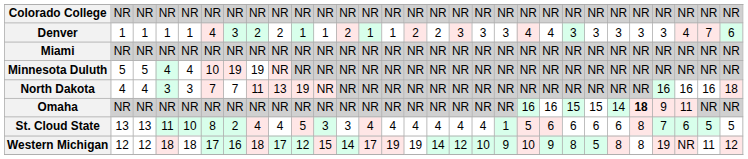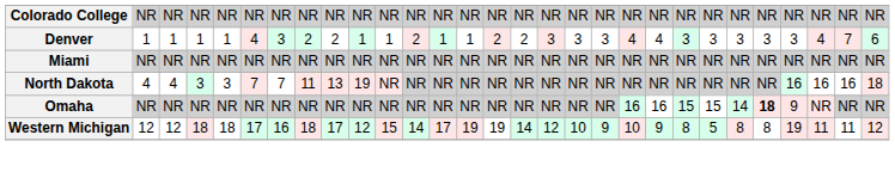 <table class="wikitable sortable" style="text-align: center;">
 <tr>
 </tr>
 <tr bgcolor=d0d0d0>
 <th>Colorado College</th>
 <td>NR</td>
 <td>NR</td>
 <td>NR</td>
 <td>NR</td>
 <td>NR</td>
 <td>NR</td>
 <td>NR</td>
 <td>NR</td>
 <td>NR</td>
 <td>NR</td>
 <td>NR</td>
 <td>NR</td>
 <td>NR</td>
 <td>NR</td>
 <td>NR</td>
 <td>NR</td>
 <td>NR</td>
 <td>NR</td>
 <td>NR</td>
 <td>NR</td>
 <td>NR</td>
 <td>NR</td>
 <td>NR</td>
 <td>NR</td>
 <td>NR</td>
 <td>NR</td>
 <td>NR</td>
 <td>NR</td>
 </tr>
 <tr bgcolor=d0d0d0>
 <th>Denver</th>
 <td bgcolor=ffffff>1</td>
 <td bgcolor=ffffff>1</td>
 <td bgcolor=ffffff>1</td>
 <td bgcolor=ffffff>1</td>
 <td bgcolor=FFE6E6>4</td>
 <td bgcolor=D8FFEB>3</td>
 <td bgcolor=D8FFEB>2</td>
 <td bgcolor=ffffff>2</td>
 <td bgcolor=D8FFEB>1</td>
 <td bgcolor=ffffff>1</td>
 <td bgcolor=FFE6E6>2</td>
 <td bgcolor=D8FFEB>1</td>
 <td bgcolor=ffffff>1</td>
 <td bgcolor=FFE6E6>2</td>
 <td bgcolor=ffffff>2</td>
 <td bgcolor=FFE6E6>3</td>
 <td bgcolor=ffffff>3</td>
 <td bgcolor=ffffff>3</td>
 <td bgcolor=FFE6E6>4</td>
 <td bgcolor=ffffff>4</td>
 <td bgcolor=D8FFEB>3</td>
 <td bgcolor=ffffff>3</td>
 <td bgcolor=ffffff>3</td>
 <td bgcolor=ffffff>3</td>
 <td bgcolor=ffffff>3</td>
 <td bgcolor=FFE6E6>4</td>
 <td bgcolor=FFE6E6>7</td>
 <td bgcolor=D8FFEB>6</td>
 </tr>
 <tr bgcolor=d0d0d0>
 <th>Miami</th>
 <td>NR</td>
 <td>NR</td>
 <td>NR</td>
 <td>NR</td>
 <td>NR</td>
 <td>NR</td>
 <td>NR</td>
 <td>NR</td>
 <td>NR</td>
 <td>NR</td>
 <td>NR</td>
 <td>NR</td>
 <td>NR</td>
 <td>NR</td>
 <td>NR</td>
 <td>NR</td>
 <td>NR</td>
 <td>NR</td>
 <td>NR</td>
 <td>NR</td>
 <td>NR</td>
 <td>NR</td>
 <td>NR</td>
 <td>NR</td>
 <td>NR</td>
 <td>NR</td>
 <td>NR</td>
 <td>NR</td>
 </tr>
 <tr bgcolor=d0d0d0>
-<th>Minnesota Duluth</th>
-<td bgcolor=ffffff>5</td>
-<td bgcolor=ffffff>5</td>
-<td bgcolor=D8FFEB>4</td>
-<td bgcolor=ffffff>4</td>
-<td bgcolor=FFE6E6>10</td>
-<td bgcolor=FFE6E6>19</td>
-<td bgcolor=ffffff>19</td>
-<td bgcolor=FFE6E6>NR</td>
-<td>NR</td>
-<td>NR</td>
-<td>NR</td>
-<td>NR</td>
-<td>NR</td>
-<td>NR</td>
-<td>NR</td>
-<td>NR</td>
-<td>NR</td>
-<td>NR</td>
-<td>NR</td>
-<td>NR</td>
-<td>NR</td>
-<td>NR</td>
-<td>NR</td>
-<td>NR</td>
-<td>NR</td>
-<td>NR</td>
-<td>NR</td>
-<td>NR</td>
-</tr>
-<tr bgcolor=d0d0d0>
 <th>North Dakota</th>
 <td bgcolor=ffffff>4</td>
 <td bgcolor=ffffff>4</td>
 <td bgcolor=D8FFEB>3</td>
 <td bgcolor=ffffff>3</td>
 <td bgcolor=FFE6E6>7</td>
 <td bgcolor=ffffff>7</td>
 <td bgcolor=FFE6E6>11</td>
 <td bgcolor=FFE6E6>13</td>
 <td bgcolor=FFE6E6>19</td>
 <td bgcolor=FFE6E6>NR</td>
 <td>NR</td>
 <td>NR</td>
 <td>NR</td>
 <td>NR</td>
 <td>NR</td>
 <td>NR</td>
 <td>NR</td>
 <td>NR</td>
 <td>NR</td>
 <td>NR</td>
 <td>NR</td>
 <td>NR</td>
 <td>NR</td>
 <td>NR</td>
 <td bgcolor=D8FFEB>16</td>
 <td bgcolor=ffffff>16</td>
 <td bgcolor=ffffff>16</td>
 <td bgcolor=FFE6E6>18</td>
 </tr>
 <tr bgcolor=d0d0d0>
 <th>Omaha</th>
 <td>NR</td>
 <td>NR</td>
 <td>NR</td>
 <td>NR</td>
 <td>NR</td>
 <td>NR</td>
 <td>NR</td>
 <td>NR</td>
 <td>NR</td>
 <td>NR</td>
 <td>NR</td>
 <td>NR</td>
 <td>NR</td>
 <td>NR</td>
 <td>NR</td>
 <td>NR</td>
 <td>NR</td>
 <td>NR</td>
 <td bgcolor=D8FFEB>16</td>
 <td bgcolor=ffffff>16</td>
 <td bgcolor=D8FFEB>15</td>
 <td bgcolor=ffffff>15</td>
 <td bgcolor=D8FFEB>14</td>
 <td bgcolor=FFE6E6><strong>18</strong></td>
 <td bgcolor=FFE6E6>9</td>
-<td bgcolor=FFE6E6>11</td>
+<td bgcolor=FFE6E6>NR</td>
 <td>NR</td>
 <td>NR</td>
-</tr>
-<tr bgcolor=d0d0d0>
-<th>St. Cloud State</th>
-<td bgcolor=ffffff>13</td>
-<td bgcolor=ffffff>13</td>
-<td bgcolor=D8FFEB>11</td>
-<td bgcolor=D8FFEB>10</td>
-<td bgcolor=D8FFEB>8</td>
-<td bgcolor=D8FFEB>2</td>
-<td bgcolor=FFE6E6>4</td>
-<td bgcolor=ffffff>4</td>
-<td bgcolor=FFE6E6>5</td>
-<td bgcolor=D8FFEB>3</td>
-<td bgcolor=ffffff>3</td>
-<td bgcolor=FFE6E6>4</td>
-<td bgcolor=ffffff>4</td>
-<td bgcolor=ffffff>4</td>
-<td bgcolor=ffffff>4</td>
-<td bgcolor=ffffff>4</td>
-<td bgcolor=ffffff>4</td>
-<td bgcolor=D8FFEB>1</td>
-<td bgcolor=FFE6E6>5</td>
-<td bgcolor=FFE6E6>6</td>
-<td bgcolor=ffffff>6</td>
-<td bgcolor=ffffff>6</td>
-<td bgcolor=ffffff>6</td>
-<td bgcolor=FFE6E6>8</td>
-<td bgcolor=D8FFEB>7</td>
-<td bgcolor=D8FFEB>6</td>
-<td bgcolor=D8FFEB>5</td>
-<td bgcolor=ffffff>5</td>
 </tr>
 <tr bgcolor=d0d0d0>
 <th>Western Michigan</th>
 <td bgcolor=ffffff>12</td>
 <td bgcolor=ffffff>12</td>
 <td bgcolor=FFE6E6>18</td>
 <td bgcolor=ffffff>18</td>
 <td bgcolor=D8FFEB>17</td>
 <td bgcolor=D8FFEB>16</td>
 <td bgcolor=FFE6E6>18</td>
 <td bgcolor=D8FFEB>17</td>
 <td bgcolor=D8FFEB>12</td>
 <td bgcolor=FFE6E6>15</td>
 <td bgcolor=D8FFEB>14</td>
 <td bgcolor=FFE6E6>17</td>
 <td bgcolor=FFE6E6>19</td>
 <td bgcolor=ffffff>19</td>
 <td bgcolor=D8FFEB>14</td>
 <td bgcolor=D8FFEB>12</td>
 <td bgcolor=D8FFEB>10</td>
 <td bgcolor=D8FFEB>9</td>
 <td bgcolor=FFE6E6>10</td>
 <td bgcolor=D8FFEB>9</td>
 <td bgcolor=D8FFEB>8</td>
 <td bgcolor=D8FFEB>5</td>
 <td bgcolor=FFE6E6>8</td>
 <td bgcolor=ffffff>8</td>
 <td bgcolor=FFE6E6>19</td>
-<td bgcolor=FFE6E6>NR</td>
+<td bgcolor=FFE6E6>11</td>
 <td bgcolor=ffffff>11</td>
 <td bgcolor=FFE6E6>12</td>
 </tr>
 <tr>
 </tr>
 </table>
